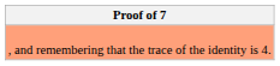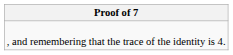 <table class="wikitable collapsible collapsed">
 <tr>
 <th>Proof of 7</th>
 </tr>
 <tr>
-<td style="background: lightsalmon;"><br>, and remembering that the trace of the identity is 4.</td>
+<td><br>, and remembering that the trace of the identity is 4.</td>
 </tr>
 </table>
